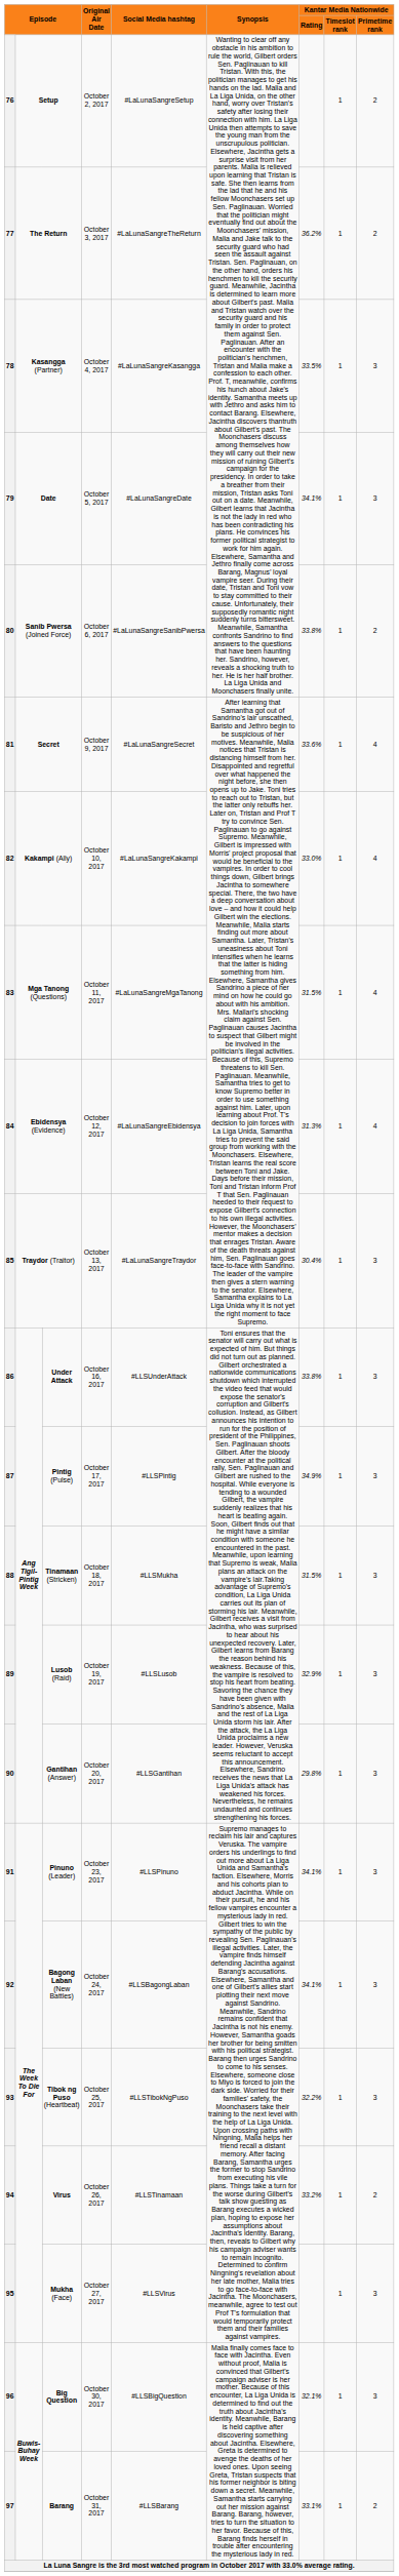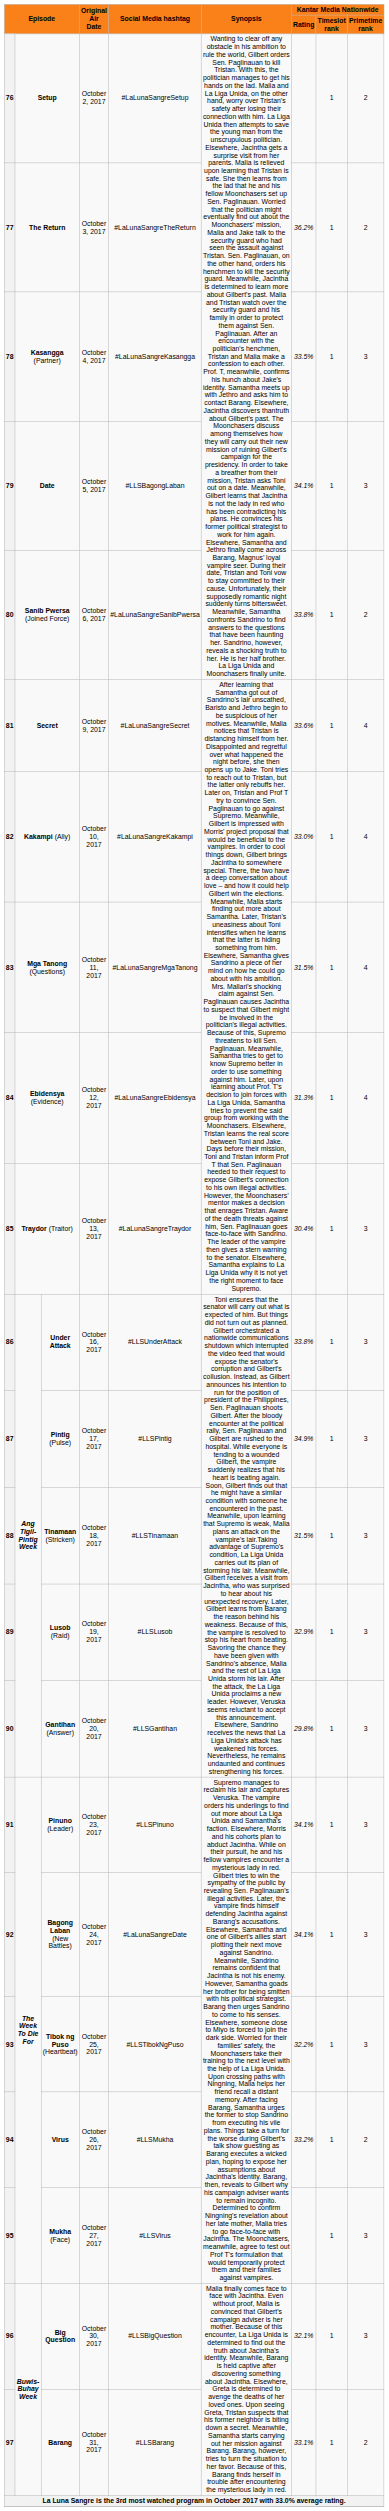 <table class="wikitable" style="text-align:center; font-size:100%; line-height:18px;"  width="100%">
 <tr>
 <th style="background-color:#FA8119; color:#000000;" colspan="3" rowspan="2">Episode</th>
 <th style="background-color:#FA8119; color:#000000;" rowspan="2">Original Air Date</th>
 <th style="background-color:#FA8119; color:#000000;" rowspan="2">Social Media hashtag</th>
 <th style="background-color:#FA8119; color:#000000;" rowspan="2">Synopsis</th>
 <th style="background-color:#FA8119; color:#000000;" colspan="3">Kantar Media Nationwide</th>
 </tr>
 <tr>
 <th style="background-color:#FA8119; color:#000000;">Rating</th>
 <th style="background-color:#FA8119; color:#000000;">Timeslot rank</th>
 <th style="background-color:#FA8119; color:#000000;">Primetime rank</th>
 </tr>
 <tr>
 <th>76</th>
 <td colspan="2"><strong>Setup</strong></td>
 <td>October 2, 2017</td>
 <td>#LaLunaSangreSetup</td>
 <td rowspan="5">Wanting to clear off any obstacle in his ambition to rule the world, Gilbert orders Sen. Paglinauan to kill Tristan. With this, the politician manages to get his hands on the lad. Malia and La Liga Unida, on the other hand, worry over Tristan's safety after losing their connection with him. La Liga Unida then attempts to save the young man from the unscrupulous politician. Elsewhere, Jacintha gets a surprise visit from her parents. Malia is relieved upon learning that Tristan is safe. She then learns from the lad that he and his fellow Moonchasers set up Sen. Paglinauan. Worried that the politician might eventually find out about the Moonchasers' mission, Malia and Jake talk to the security guard who had seen the assault against Tristan. Sen. Paglinauan, on the other hand, orders his henchmen to kill the security guard. Meanwhile, Jacintha is determined to learn more about Gilbert's past. Malia and Tristan watch over the security guard and his family in order to protect them against Sen. Paglinauan. After an encounter with the politician's henchmen, Tristan and Malia make a confession to each other. Prof. T, meanwhile, confirms his hunch about Jake's identity. Samantha meets up with Jethro and asks him to contact Barang. Elsewhere, Jacintha discovers thantruth about Gilbert's past. The Moonchasers discuss among themselves how they will carry out their new mission of ruining Gilbert's campaign for the presidency. In order to take a breather from their mission, Tristan asks Toni out on a date. Meanwhile, Gilbert learns that Jacintha is not the lady in red who has been contradicting his plans. He convinces his former political strategist to work for him again. Elsewhere, Samantha and Jethro finally come across Barang, Magnus’ loyal vampire seer. During their date, Tristan and Toni vow to stay committed to their cause. Unfortunately, their supposedly romantic night suddenly turns bittersweet. Meanwhile, Samantha confronts Sandrino to find answers to the questions that have been haunting her. Sandrino, however, reveals a shocking truth to her. He is her half brother. La Liga Unida and Moonchasers finally unite.</td>
 <td></td>
 <td>1</td>
 <td>2</td>
 </tr>
 <tr>
 <th>77</th>
 <td colspan="2"><strong>The Return</strong></td>
 <td>October 3, 2017</td>
 <td>#LaLunaSangreTheReturn</td>
 <td><em>36.2%</em></td>
 <td>1</td>
 <td>2</td>
 </tr>
 <tr>
 <th>78</th>
 <td colspan="2"><strong>Kasangga</strong> (Partner)</td>
 <td>October 4, 2017</td>
 <td>#LaLunaSangreKasangga</td>
 <td><em>33.5%</em></td>
 <td>1</td>
 <td>3</td>
 </tr>
 <tr>
 <th>79</th>
 <td colspan="2"><strong>Date</strong></td>
 <td>October 5, 2017</td>
-<td>#LaLunaSangreDate</td>
+<td>#LLSBagongLaban</td>
 <td><em>34.1%</em></td>
 <td>1</td>
 <td>3</td>
 </tr>
 <tr>
 <th>80</th>
 <td colspan="2"><strong>Sanib Pwersa</strong> (Joined Force)</td>
 <td>October 6, 2017</td>
 <td>#LaLunaSangreSanibPwersa</td>
 <td><em>33.8%</em></td>
 <td>1</td>
 <td>2</td>
 </tr>
 <tr>
 <th>81</th>
 <td colspan="2"><strong>Secret</strong></td>
 <td>October 9, 2017</td>
 <td>#LaLunaSangreSecret</td>
 <td rowspan="5">After learning that Samantha got out of Sandrino's lair unscathed, Baristo and Jethro begin to be suspicious of her motives. Meanwhile, Malia notices that Tristan is distancing himself from her. Disappointed and regretful over what happened the night before, she then opens up to Jake. Toni tries to reach out to Tristan, but the latter only rebuffs her. Later on, Tristan and Prof T try to convince Sen. Paglinauan to go against Supremo. Meanwhile, Gilbert is impressed with Morris' project proposal that would be beneficial to the vampires. In order to cool things down, Gilbert brings Jacintha to somewhere special. There, the two have a deep conversation about love – and how it could help Gilbert win the elections. Meanwhile, Malia starts finding out more about Samantha. Later, Tristan's uneasiness about Toni intensifies when he learns that the latter is hiding something from him. Elsewhere, Samantha gives Sandrino a piece of her mind on how he could go about with his ambition. Mrs. Mallari's shocking claim against Sen. Paglinauan causes Jacintha to suspect that Gilbert might be involved in the politician's illegal activities. Because of this, Supremo threatens to kill Sen. Paglinauan. Meanwhile, Samantha tries to get to know Supremo better in order to use something against him. Later, upon learning about Prof. T's decision to join forces with La Liga Unida, Samantha tries to prevent the said group from working with the Moonchasers. Elsewhere, Tristan learns the real score between Toni and Jake. Days before their mission, Toni and Tristan inform Prof T that Sen. Paglinauan heeded to their request to expose Gilbert's connection to his own illegal activities. However, the Moonchasers’ mentor makes a decision that enrages Tristan. Aware of the death threats against him, Sen. Paglinauan goes face-to-face with Sandrino. The leader of the vampire then gives a stern warning to the senator. Elsewhere, Samantha explains to La Liga Unida why it is not yet the right moment to face Supremo.</td>
 <td><em>33.6%</em></td>
 <td>1</td>
 <td>4</td>
 </tr>
 <tr>
 <th>82</th>
 <td colspan="2"><strong>Kakampi</strong> (Ally)</td>
 <td>October 10, 2017</td>
 <td>#LaLunaSangreKakampi</td>
 <td><em>33.0%</em></td>
 <td>1</td>
 <td>4</td>
 </tr>
 <tr>
 <th>83</th>
 <td colspan="2"><strong>Mga Tanong</strong> (Questions)</td>
 <td>October 11, 2017</td>
 <td>#LaLunaSangreMgaTanong</td>
 <td><em>31.5%</em></td>
 <td>1</td>
 <td>4</td>
 </tr>
 <tr>
 <th>84</th>
 <td colspan="2"><strong>Ebidensya</strong> (Evidence)</td>
 <td>October 12, 2017</td>
 <td>#LaLunaSangreEbidensya</td>
 <td><em>31.3%</em></td>
 <td>1</td>
 <td>4</td>
 </tr>
 <tr>
 <th>85</th>
 <td colspan="2"><strong>Traydor</strong> (Traitor)</td>
 <td>October 13, 2017</td>
 <td>#LaLunaSangreTraydor</td>
 <td><em>30.4%</em></td>
 <td>1</td>
 <td>3</td>
 </tr>
 <tr>
 <th>86</th>
 <td rowspan="5"><strong><em>Ang Tigil-Pintig Week</em></strong></td>
 <td><strong>Under Attack</strong></td>
 <td>October 16, 2017</td>
 <td>#LLSUnderAttack</td>
 <td rowspan="5">Toni ensures that the senator will carry out what is expected of him. But things did not turn out as planned. Gilbert orchestrated a nationwide communications shutdown which interrupted the video feed that would expose the senator's corruption and Gilbert's collusion. Instead, as Gilbert announces his intention to run for the position of president of the Philippines, Sen. Paglinauan shoots Gilbert. After the bloody encounter at the political rally, Sen. Paglinauan and Gilbert are rushed to the hospital. While everyone is tending to a wounded Gilbert, the vampire suddenly realizes that his heart is beating again. Soon, Gilbert finds out that he might have a similar condition with someone he encountered in the past. Meanwhile, upon learning that Supremo is weak, Malia plans an attack on the vampire's lair.Taking advantage of Supremo's condition, La Liga Unida carries out its plan of storming his lair. Meanwhile, Gilbert receives a visit from Jacintha, who was surprised to hear about his unexpected recovery. Later, Gilbert learns from Barang the reason behind his weakness. Because of this, the vampire is resolved to stop his heart from beating. Savoring the chance they have been given with Sandrino's absence, Malia and the rest of La Liga Unida storm his lair. After the attack, the La Liga Unida proclaims a new leader. However, Veruska seems reluctant to accept this announcement. Elsewhere, Sandrino receives the news that La Liga Unida's attack has weakened his forces. Nevertheless, he remains undaunted and continues strengthening his forces.</td>
 <td><em>33.8%</em></td>
 <td>1</td>
 <td>3</td>
 </tr>
 <tr>
 <th>87</th>
 <td><strong>Pintig</strong> (Pulse)</td>
 <td>October 17, 2017</td>
 <td>#LLSPintig</td>
 <td><em>34.9%</em></td>
 <td>1</td>
 <td>3</td>
 </tr>
 <tr>
 <th>88</th>
 <td><strong>Tinamaan</strong> (Stricken)</td>
 <td>October 18, 2017</td>
-<td>#LLSMukha</td>
+<td>#LLSTinamaan</td>
 <td><em>31.5%</em></td>
 <td>1</td>
 <td>3</td>
 </tr>
 <tr>
 <th>89</th>
 <td><strong>Lusob</strong> (Raid)</td>
 <td>October 19, 2017</td>
 <td>#LLSLusob</td>
 <td><em>32.9%</em></td>
 <td>1</td>
 <td>3</td>
 </tr>
 <tr>
 <th>90</th>
 <td><strong>Gantihan</strong> (Answer)</td>
 <td>October 20, 2017</td>
 <td>#LLSGantihan</td>
 <td><em>29.8%</em></td>
 <td>1</td>
 <td>3</td>
 </tr>
 <tr>
 <th>91</th>
 <td rowspan="5"><strong><em>The Week To Die For</em></strong></td>
 <td><strong>Pinuno</strong> (Leader)</td>
 <td>October 23, 2017</td>
 <td>#LLSPinuno</td>
 <td rowspan="5">Supremo manages to reclaim his lair and captures Veruska. The vampire orders his underlings to find out more about La Liga Unida and Samantha's faction. Elsewhere, Morris and his cohorts plan to abduct Jacintha. While on their pursuit, he and his fellow vampires encounter a mysterious lady in red. Gilbert tries to win the sympathy of the public by revealing Sen. Paglinauan's illegal activities. Later, the vampire finds himself defending Jacintha against Barang's accusations. Elsewhere, Samantha and one of Gilbert's allies start plotting their next move against Sandrino. Meanwhile, Sandrino remains confident that Jacintha is not his enemy. However, Samantha goads her brother for being smitten with his political strategist. Barang then urges Sandrino to come to his senses. Elsewhere, someone close to Miyo is forced to join the dark side. Worried for their families' safety, the Moonchasers take their training to the next level with the help of La Liga Unida. Upon crossing paths with Ningning, Malia helps her friend recall a distant memory. After facing Barang, Samantha urges the former to stop Sandrino from executing his vile plans. Things take a turn for the worse during Gilbert's talk show guesting as Barang executes a wicked plan, hoping to expose her assumptions about Jacintha's identity. Barang, then, reveals to Gilbert why his campaign adviser wants to remain incognito. Determined to confirm Ningning's revelation about her late mother, Malia tries to go face-to-face with Jacintha. The Moonchasers, meanwhile, agree to test out Prof T's formulation that would temporarily protect them and their families against vampires.</td>
 <td><em>34.1%</em></td>
 <td>1</td>
 <td>3</td>
 </tr>
 <tr>
 <th>92</th>
 <td><strong>Bagong Laban</strong> (New Battles)</td>
 <td>October 24, 2017</td>
-<td>#LLSBagongLaban</td>
+<td>#LaLunaSangreDate</td>
 <td><em>34.1%</em></td>
 <td>1</td>
 <td>3</td>
 </tr>
 <tr>
 <th>93</th>
 <td><strong>Tibok ng Puso</strong> (Heartbeat)</td>
 <td>October 25, 2017</td>
 <td>#LLSTibokNgPuso</td>
 <td><em>32.2%</em></td>
 <td>1</td>
 <td>3</td>
 </tr>
 <tr>
 <th>94</th>
 <td><strong>Virus</strong></td>
 <td>October 26, 2017</td>
-<td>#LLSTinamaan</td>
+<td>#LLSMukha</td>
 <td><em>33.2%</em></td>
 <td>1</td>
 <td>2</td>
 </tr>
 <tr>
 <th>95</th>
 <td><strong>Mukha</strong> (Face)</td>
 <td>October 27, 2017</td>
 <td>#LLSVirus</td>
 <td></td>
 <td>1</td>
 <td>3</td>
 </tr>
 <tr>
 <th>96</th>
 <td rowspan="2"><strong><em>Buwis-Buhay Week</em></strong></td>
 <td><strong>Big Question</strong></td>
 <td>October 30, 2017</td>
 <td>#LLSBigQuestion</td>
 <td rowspan="2">Malia finally comes face to face with Jacintha. Even without proof, Malia is convinced that Gilbert's campaign adviser is her mother. Because of this encounter, La Liga Unida is determined to find out the truth about Jacintha's identity. Meanwhile, Barang is held captive after discovering something about Jacintha. Elsewhere, Greta is determined to avenge the deaths of her loved ones. Upon seeing Greta, Tristan suspects that his former neighbor is biting down a secret. Meanwhile, Samantha starts carrying out her mission against Barang. Barang, however, tries to turn the situation to her favor. Because of this, Barang finds herself in trouble after encountering the mysterious lady in red.</td>
 <td><em>32.1%</em></td>
 <td>1</td>
 <td>3</td>
 </tr>
 <tr>
 <th>97</th>
 <td><strong>Barang</strong></td>
 <td>October 31, 2017</td>
 <td>#LLSBarang</td>
 <td><em>33.1%</em></td>
 <td>1</td>
 <td>2</td>
 </tr>
 <tr>
 <th colspan = "9" style="text-align: center; border-: 3px solid #ffba31;">La Luna Sangre is the 3rd most watched program in October 2017 with 33.0% average rating.</th>
 </tr>
 <tr>
 </tr>
 </table>
